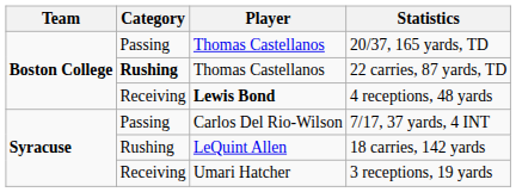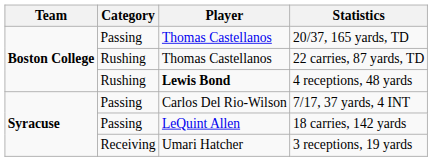 <table class="wikitable" style="float: right;">
 <tr>
 <th>Team</th>
 <th>Category</th>
 <th>Player</th>
 <th>Statistics</th>
 </tr>
 <tr>
 <td rowspan=3><strong>Boston College</strong></td>
 <td>Passing</td>
 <td><a href='#'>Thomas Castellanos</a></td>
 <td>20/37, 165 yards, TD</td>
 </tr>
 <tr>
-<td><strong>Rushing</strong></td>
+<td>Rushing</td>
 <td>Thomas Castellanos</td>
 <td>22 carries, 87 yards, TD</td>
 </tr>
 <tr>
-<td>Receiving</td>
+<td>Rushing</td>
 <td><strong>Lewis Bond</strong></td>
 <td>4 receptions, 48 yards</td>
 </tr>
 <tr>
 <td rowspan=3><strong>Syracuse</strong></td>
 <td>Passing</td>
 <td>Carlos Del Rio-Wilson</td>
 <td>7/17, 37 yards, 4 INT</td>
 </tr>
 <tr>
-<td>Rushing</td>
+<td>Passing</td>
 <td><a href='#'>LeQuint Allen</a></td>
 <td>18 carries, 142 yards</td>
 </tr>
 <tr>
 <td>Receiving</td>
 <td>Umari Hatcher</td>
 <td>3 receptions, 19 yards</td>
 </tr>
 </table>
